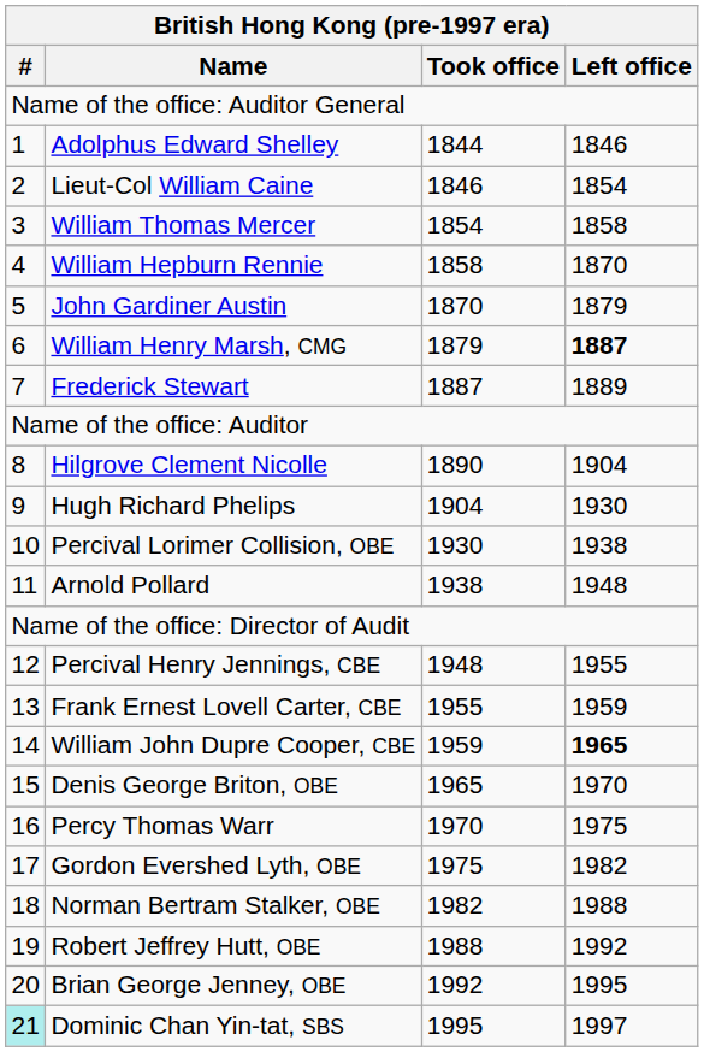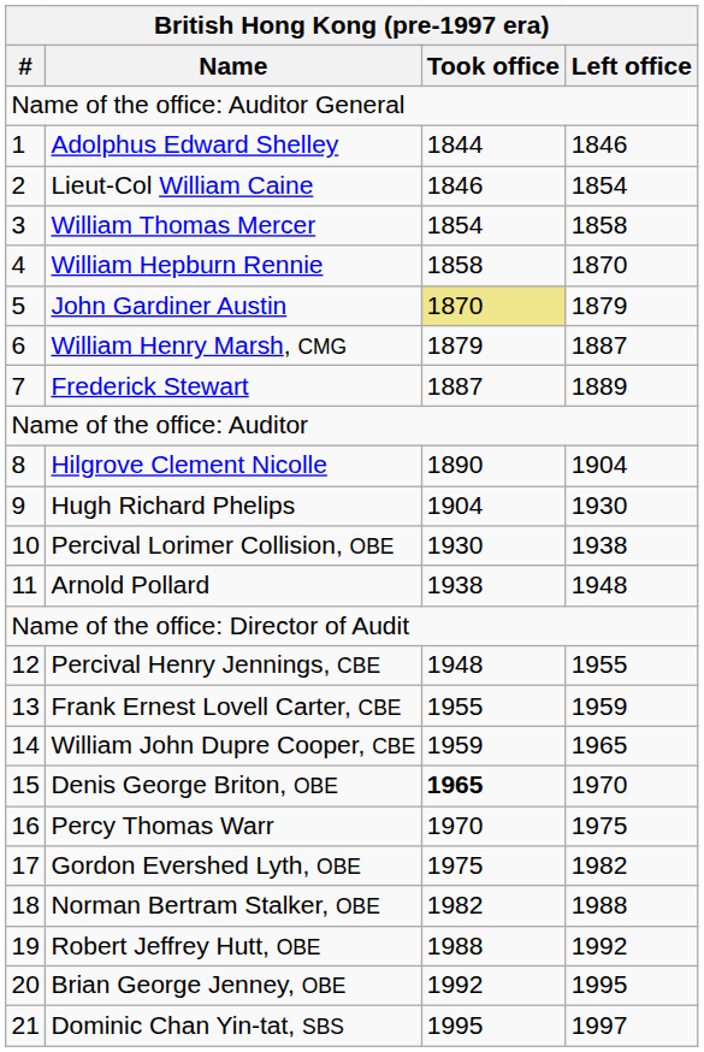 <table class="wikitable">
 <tr>
 <th colspan="4">British Hong Kong (pre-1997 era)</th>
 </tr>
 <tr>
 <th>#</th>
 <th>Name</th>
 <th>Took office</th>
 <th>Left office</th>
 </tr>
 <tr>
 <td colspan="4">Name of the office: Auditor General</td>
 </tr>
 <tr>
 <td>1</td>
 <td><a href='#'>Adolphus Edward Shelley</a></td>
 <td>1844</td>
 <td>1846</td>
 </tr>
 <tr>
 <td>2</td>
 <td>Lieut-Col <a href='#'>William Caine</a></td>
 <td>1846</td>
 <td>1854</td>
 </tr>
 <tr>
 <td>3</td>
 <td><a href='#'>William Thomas Mercer</a></td>
 <td>1854</td>
 <td>1858</td>
 </tr>
 <tr>
 <td>4</td>
 <td><a href='#'>William Hepburn Rennie</a></td>
 <td>1858</td>
 <td>1870</td>
 </tr>
 <tr>
 <td>5</td>
 <td><a href='#'>John Gardiner Austin</a></td>
-<td>1870</td>
+<td style="background: khaki;">1870</td>
 <td>1879</td>
 </tr>
 <tr>
 <td>6</td>
 <td><a href='#'>William Henry Marsh</a>, <small>CMG</small></td>
 <td>1879</td>
-<td><strong>1887</strong></td>
+<td>1887</td>
 </tr>
 <tr>
 <td>7</td>
 <td><a href='#'>Frederick Stewart</a></td>
 <td>1887</td>
 <td>1889</td>
 </tr>
 <tr>
 <td colspan="4">Name of the office: Auditor</td>
 </tr>
 <tr>
 <td>8</td>
 <td><a href='#'>Hilgrove Clement Nicolle</a></td>
 <td>1890</td>
 <td>1904</td>
 </tr>
 <tr>
 <td>9</td>
 <td>Hugh Richard Phelips</td>
 <td>1904</td>
 <td>1930</td>
 </tr>
 <tr>
 <td>10</td>
 <td>Percival Lorimer Collision, <small>OBE</small></td>
 <td>1930</td>
 <td>1938</td>
 </tr>
 <tr>
 <td>11</td>
 <td>Arnold Pollard</td>
 <td>1938</td>
 <td>1948</td>
 </tr>
 <tr>
 <td colspan="4">Name of the office: Director of Audit</td>
 </tr>
 <tr>
 <td>12</td>
 <td>Percival Henry Jennings, <small>CBE</small></td>
 <td>1948</td>
 <td>1955</td>
 </tr>
 <tr>
 <td>13</td>
 <td>Frank Ernest Lovell Carter, <small>CBE</small></td>
 <td>1955</td>
 <td>1959</td>
 </tr>
 <tr>
 <td>14</td>
 <td>William John Dupre Cooper, <small>CBE</small></td>
 <td>1959</td>
-<td><strong>1965</strong></td>
+<td>1965</td>
 </tr>
 <tr>
 <td>15</td>
 <td>Denis George Briton, <small>OBE</small></td>
-<td>1965</td>
+<td><strong>1965</strong></td>
 <td>1970</td>
 </tr>
 <tr>
 <td>16</td>
 <td>Percy Thomas Warr</td>
 <td>1970</td>
 <td>1975</td>
 </tr>
 <tr>
 <td>17</td>
 <td>Gordon Evershed Lyth, <small>OBE</small></td>
 <td>1975</td>
 <td>1982</td>
 </tr>
 <tr>
 <td>18</td>
 <td>Norman Bertram Stalker, <small>OBE</small></td>
 <td>1982</td>
 <td>1988</td>
 </tr>
 <tr>
 <td>19</td>
 <td>Robert Jeffrey Hutt, <small>OBE</small></td>
 <td>1988</td>
 <td>1992</td>
 </tr>
 <tr>
 <td>20</td>
 <td>Brian George Jenney, <small>OBE</small></td>
 <td>1992</td>
 <td>1995</td>
 </tr>
 <tr>
-<td style="background: paleturquoise;">21</td>
+<td>21</td>
 <td>Dominic Chan Yin-tat, <small>SBS</small></td>
 <td>1995</td>
 <td>1997</td>
 </tr>
 </table>
